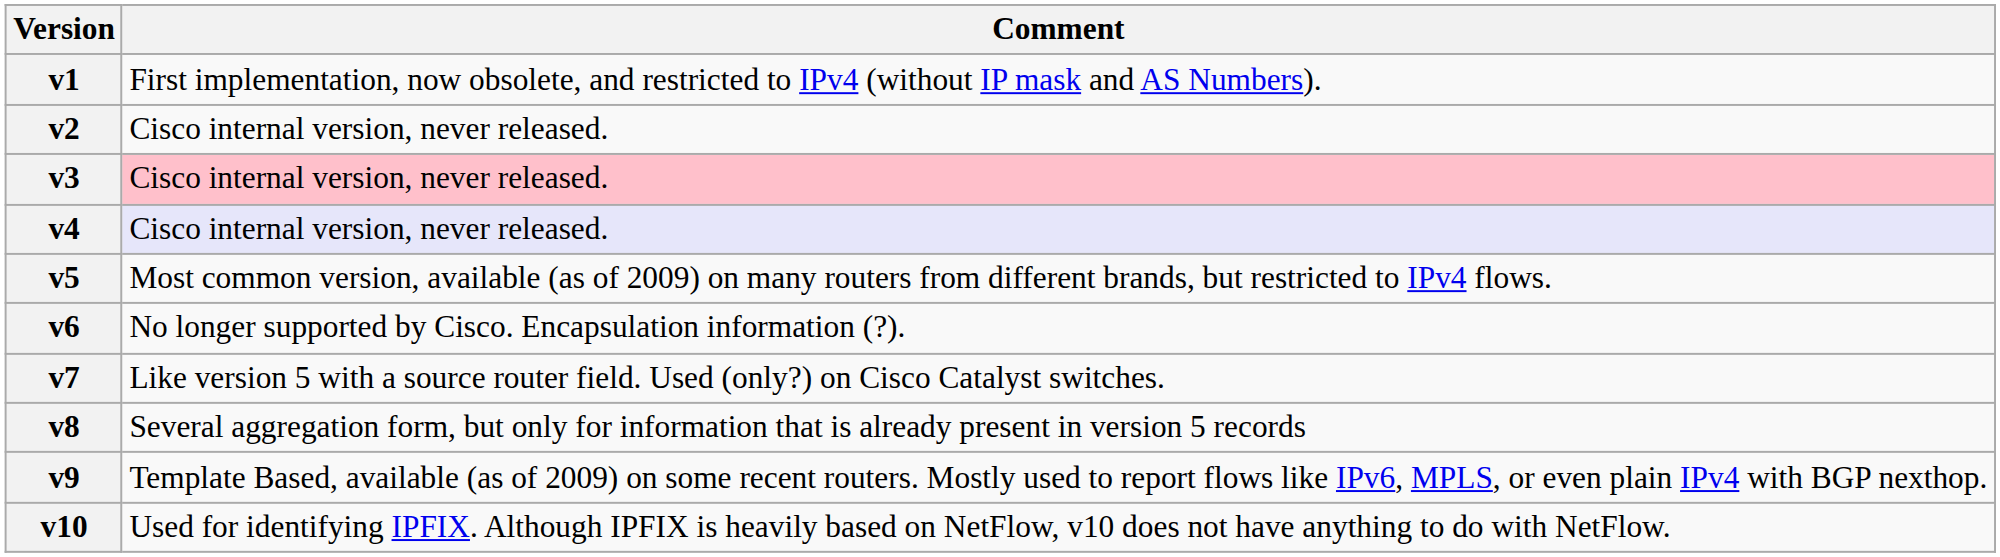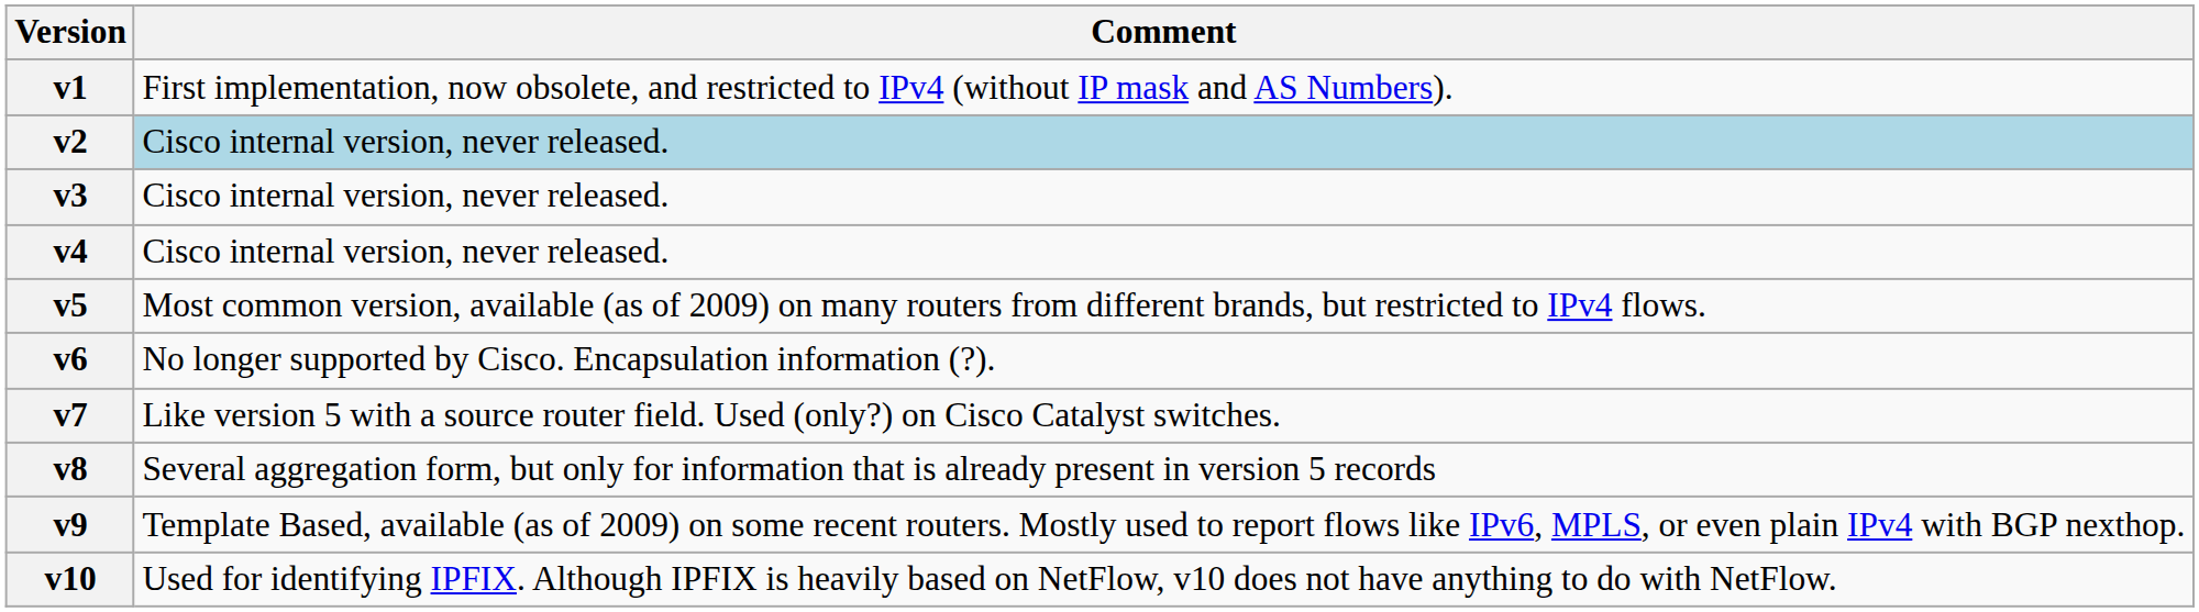 <table class="wikitable" style="margin: 0 auto; text-align: left">
 <tr>
 <th>Version</th>
 <th>Comment</th>
 </tr>
 <tr>
 <th>v1</th>
 <td>First implementation, now obsolete, and restricted to <a href='#'>IPv4</a> (without <a href='#'>IP mask</a> and <a href='#'>AS Numbers</a>).</td>
 </tr>
 <tr>
 <th>v2</th>
+<td style="background: lightblue;">Cisco internal version, never released.</td>
+</tr>
+<tr>
+<th>v3</th>
 <td>Cisco internal version, never released.</td>
 </tr>
 <tr>
-<th>v3</th>
-<td style="background: pink;">Cisco internal version, never released.</td>
-</tr>
-<tr>
 <th>v4</th>
-<td style="background: lavender;">Cisco internal version, never released.</td>
+<td>Cisco internal version, never released.</td>
 </tr>
 <tr>
 <th>v5</th>
 <td>Most common version, available (as of 2009) on many routers from different brands, but restricted to <a href='#'>IPv4</a> flows.</td>
 </tr>
 <tr>
 <th>v6</th>
 <td>No longer supported by Cisco. Encapsulation information (?).</td>
 </tr>
 <tr>
 <th>v7</th>
 <td>Like version 5 with a source router field. Used (only?) on Cisco Catalyst switches.</td>
 </tr>
 <tr>
 <th>v8</th>
 <td>Several aggregation form, but only for information that is already present in version 5 records</td>
 </tr>
 <tr>
 <th>v9</th>
 <td>Template Based, available (as of 2009) on some recent routers. Mostly used to report flows like <a href='#'>IPv6</a>, <a href='#'>MPLS</a>, or even plain <a href='#'>IPv4</a> with BGP nexthop.</td>
 </tr>
 <tr>
 <th>v10</th>
 <td>Used for identifying <a href='#'>IPFIX</a>. Although IPFIX is heavily based on NetFlow, v10 does not have anything to do with NetFlow.</td>
 </tr>
 </table>
